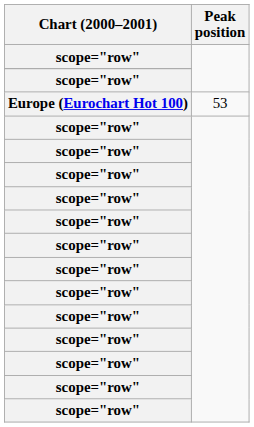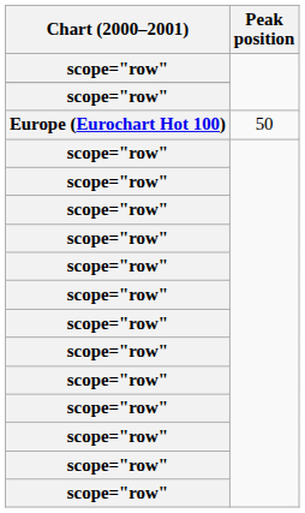 <table class="wikitable sortable plainrowheaders" style="text-align:center">
 <tr>
 <th scope="col">Chart (2000–2001)</th>
 <th scope="col">Peak<br>position</th>
 </tr>
 <tr>
 <th>scope="row"</th>
 </tr>
 <tr>
 </tr>
 <tr>
 <th>scope="row"</th>
 </tr>
 <tr>
 <th scope="row">Europe (<a href='#'>Eurochart Hot 100</a>)</th>
-<td>53</td>
+<td>50</td>
 </tr>
 <tr>
 <th>scope="row"</th>
 </tr>
 <tr>
 <th>scope="row"</th>
 </tr>
 <tr>
 <th>scope="row"</th>
 </tr>
 <tr>
 <th>scope="row"</th>
 </tr>
 <tr>
 <th>scope="row"</th>
 </tr>
 <tr>
 <th>scope="row"</th>
 </tr>
 <tr>
 <th>scope="row"</th>
 </tr>
 <tr>
 <th>scope="row"</th>
 </tr>
 <tr>
 <th>scope="row"</th>
 </tr>
 <tr>
 <th>scope="row"</th>
 </tr>
 <tr>
 <th>scope="row"</th>
 </tr>
 <tr>
 <th>scope="row"</th>
 </tr>
 <tr>
 <th>scope="row"</th>
 </tr>
 </table>
